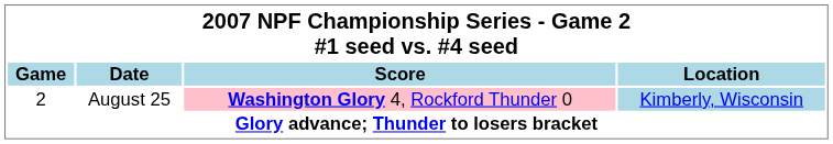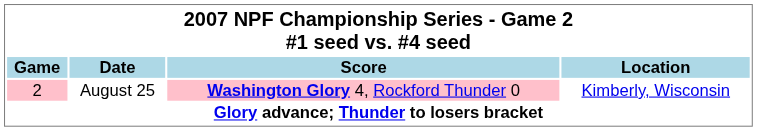 <table cellpadding="1"  style="min-width:45em;text-align:center;font-size:100%; border:1px solid gray;">
 <tr style="font-size:larger;">
 <th colspan=8>2007 NPF Championship Series - Game 2<br>#1 seed vs. #4 seed</th>
 </tr>
 <tr style="background:lightblue;">
 <th>Game</th>
 <th>Date</th>
 <th>Score</th>
 <th>Location</th>
 </tr>
 <tr>
-<td>2</td>
+<td style="background: pink;">2</td>
 <td>August 25</td>
 <td style="background: pink;"><strong><a href='#'>Washington Glory</a></strong> 4, <a href='#'>Rockford Thunder</a> 0</td>
-<td style="background: lightblue;"><a href='#'>Kimberly, Wisconsin</a></td>
+<td><a href='#'>Kimberly, Wisconsin</a></td>
 </tr>
 <tr>
 <th colspan=8><strong><a href='#'>Glory</a></strong> advance; <a href='#'>Thunder</a> to losers bracket</th>
 </tr>
 </table>
